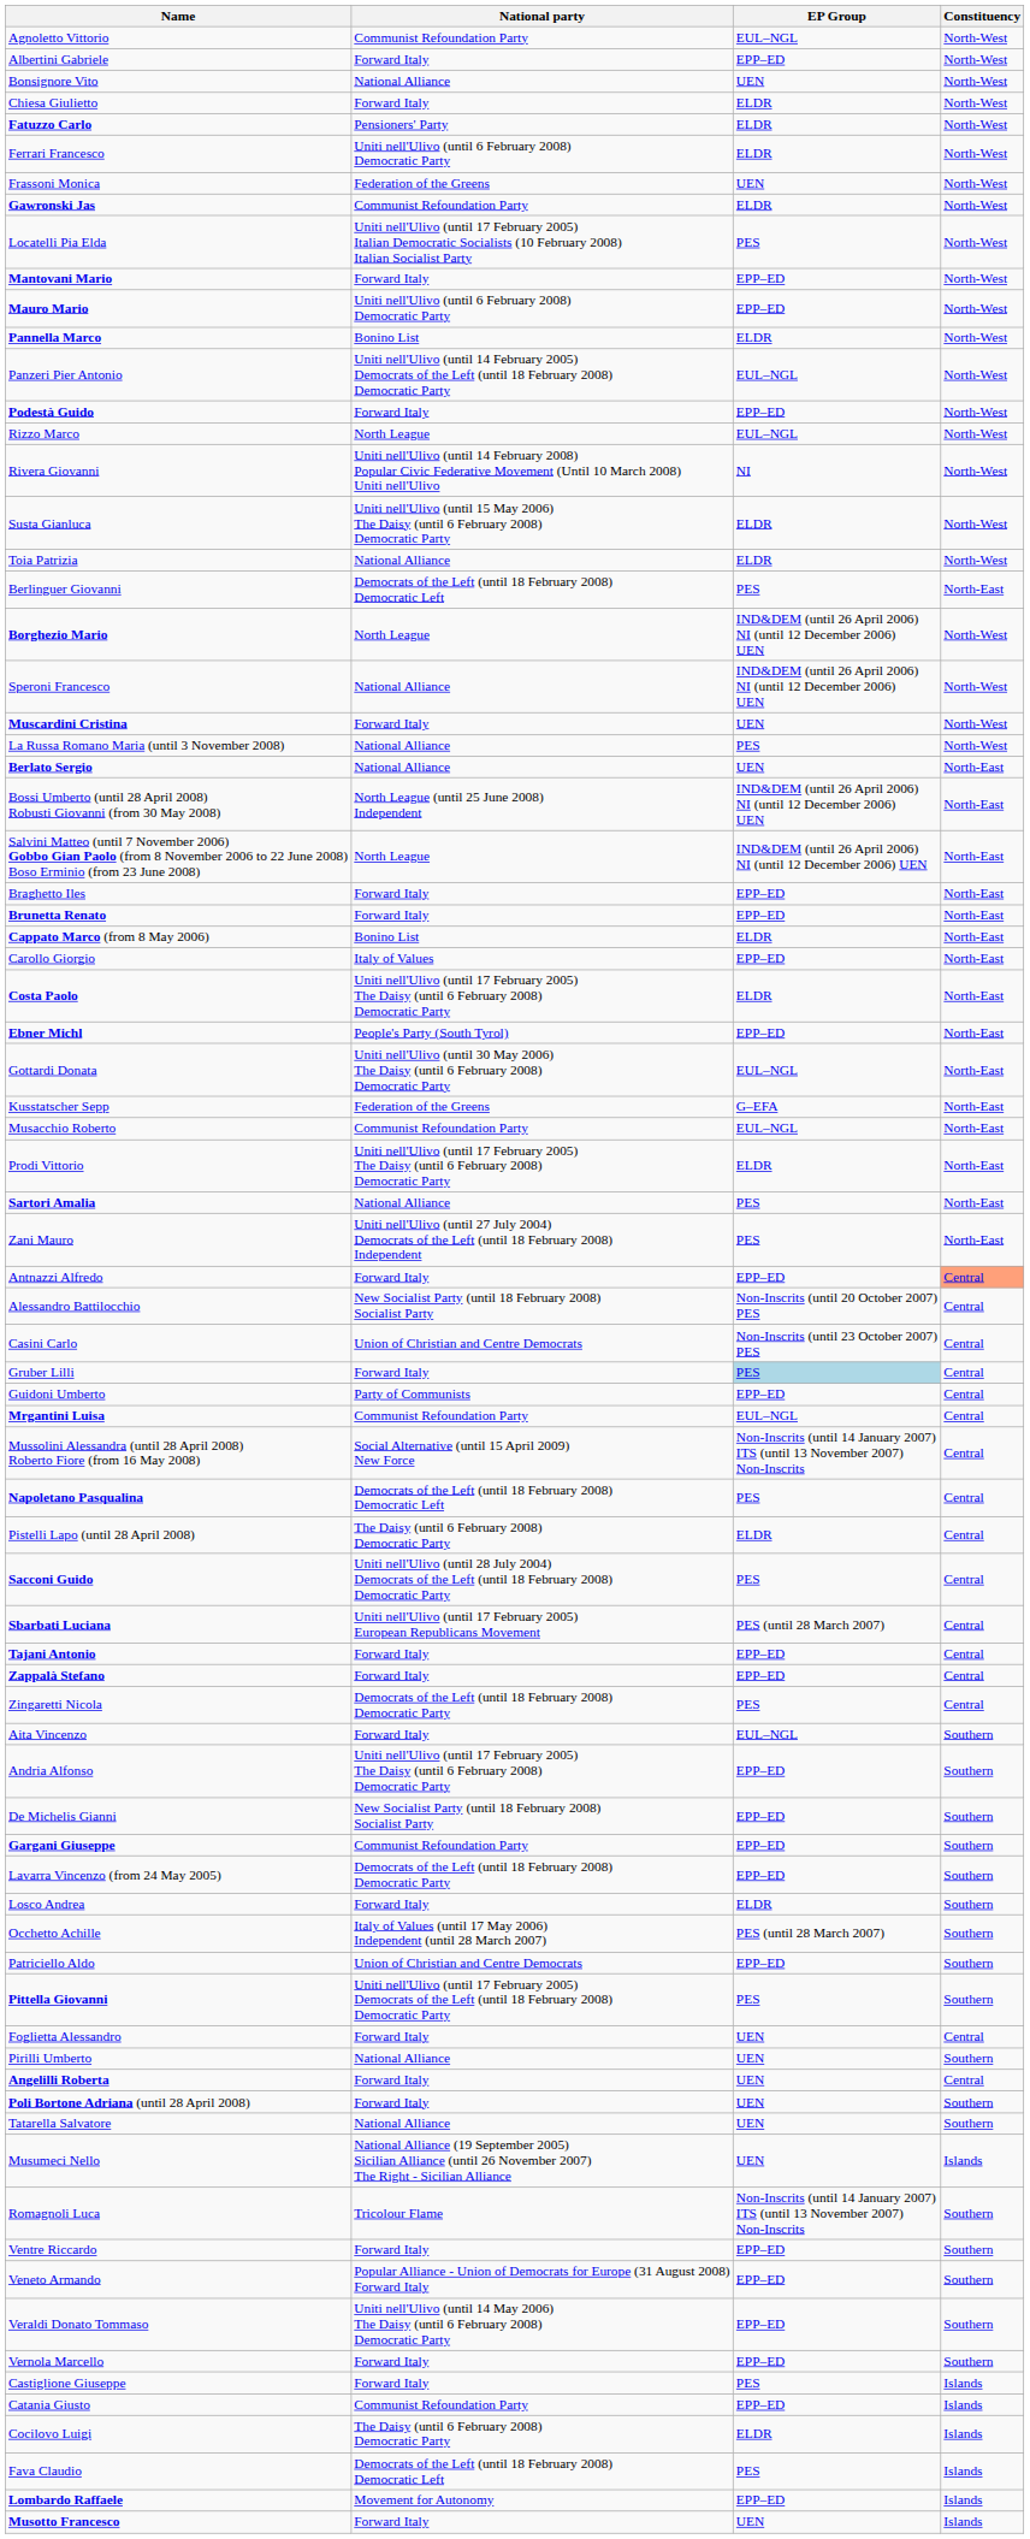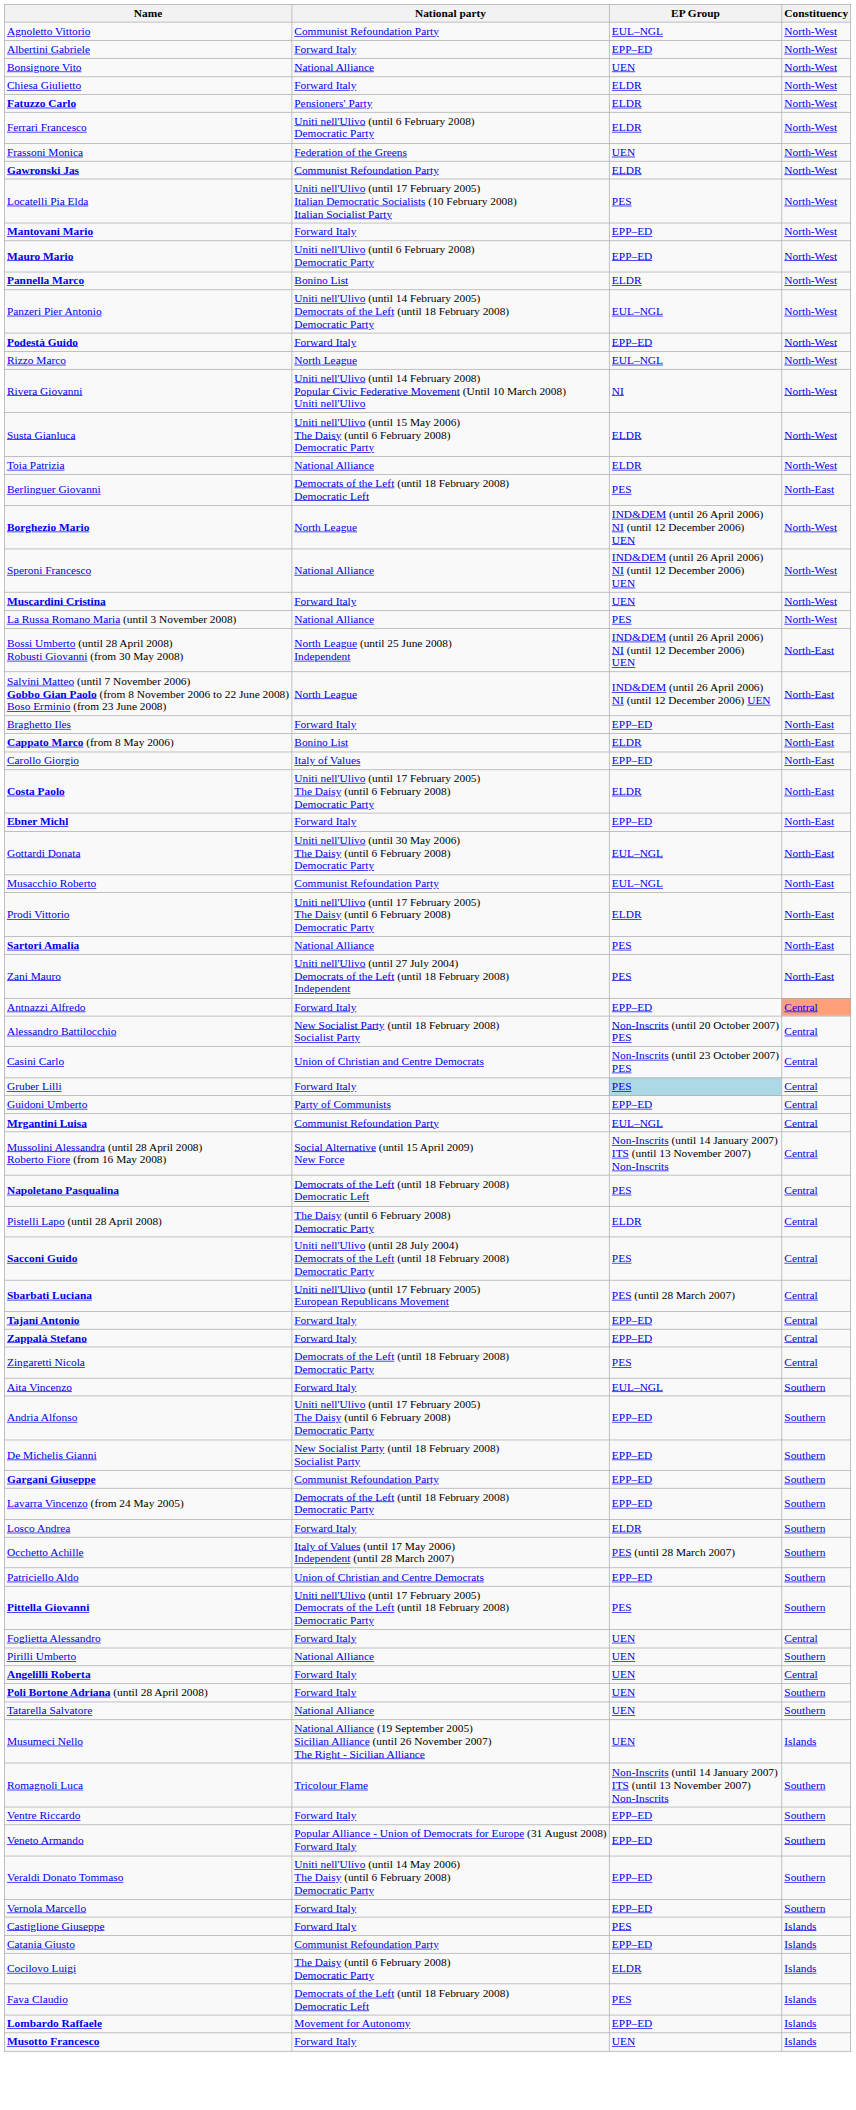 <table class="sortable wikitable">
 <tr>
 <th>Name</th>
 <th>National party</th>
 <th>EP Group</th>
 <th>Constituency</th>
 </tr>
 <tr>
 <td><a href='#'>Agnoletto Vittorio</a></td>
 <td> <a href='#'>Communist Refoundation Party</a></td>
 <td> <a href='#'>EUL–NGL</a></td>
 <td><a href='#'>North-West</a></td>
 </tr>
 <tr>
 <td><a href='#'>Albertini Gabriele</a></td>
 <td> <a href='#'>Forward Italy</a></td>
 <td> <a href='#'>EPP–ED</a></td>
 <td><a href='#'>North-West</a></td>
 </tr>
 <tr>
 <td><a href='#'>Bonsignore Vito</a></td>
 <td> <a href='#'>National Alliance</a></td>
 <td> <a href='#'>UEN</a></td>
 <td><a href='#'>North-West</a></td>
 </tr>
 <tr>
 <td><a href='#'>Chiesa Giulietto</a></td>
 <td> <a href='#'>Forward Italy</a></td>
 <td> <a href='#'>ELDR</a></td>
 <td><a href='#'>North-West</a></td>
 </tr>
 <tr>
 <td><strong><a href='#'>Fatuzzo Carlo</a></strong></td>
 <td> <a href='#'>Pensioners' Party</a></td>
 <td> <a href='#'>ELDR</a></td>
 <td><a href='#'>North-West</a></td>
 </tr>
 <tr>
 <td><a href='#'>Ferrari Francesco</a></td>
 <td> <a href='#'>Uniti nell'Ulivo</a> (until 6 February 2008)<br> <a href='#'>Democratic Party</a></td>
 <td> <a href='#'>ELDR</a></td>
 <td><a href='#'>North-West</a></td>
 </tr>
 <tr>
 <td><a href='#'>Frassoni Monica</a></td>
 <td> <a href='#'>Federation of the Greens</a></td>
 <td> <a href='#'>UEN</a></td>
 <td><a href='#'>North-West</a></td>
 </tr>
 <tr>
 <td><strong><a href='#'>Gawronski Jas</a></strong></td>
 <td> <a href='#'>Communist Refoundation Party</a></td>
 <td> <a href='#'>ELDR</a></td>
 <td><a href='#'>North-West</a></td>
 </tr>
 <tr>
 <td><a href='#'>Locatelli Pia Elda</a></td>
 <td> <a href='#'>Uniti nell'Ulivo</a> (until 17 February 2005)<br> <a href='#'>Italian Democratic Socialists</a> (10 February 2008)<br> <a href='#'>Italian Socialist Party</a></td>
 <td> <a href='#'>PES</a></td>
 <td><a href='#'>North-West</a></td>
 </tr>
 <tr>
 <td><strong><a href='#'>Mantovani Mario</a></strong></td>
 <td> <a href='#'>Forward Italy</a></td>
 <td> <a href='#'>EPP–ED</a></td>
 <td><a href='#'>North-West</a></td>
 </tr>
 <tr>
 <td><strong><a href='#'>Mauro Mario</a></strong></td>
 <td> <a href='#'>Uniti nell'Ulivo</a> (until 6 February 2008)<br> <a href='#'>Democratic Party</a></td>
 <td> <a href='#'>EPP–ED</a></td>
 <td><a href='#'>North-West</a></td>
 </tr>
 <tr>
 <td><strong><a href='#'>Pannella Marco</a></strong></td>
 <td> <a href='#'>Bonino List</a></td>
 <td> <a href='#'>ELDR</a></td>
 <td><a href='#'>North-West</a></td>
 </tr>
 <tr>
 <td><a href='#'>Panzeri Pier Antonio</a></td>
 <td> <a href='#'>Uniti nell'Ulivo</a> (until 14 February 2005)<br> <a href='#'>Democrats of the Left</a> (until 18 February 2008)<br> <a href='#'>Democratic Party</a></td>
 <td> <a href='#'>EUL–NGL</a></td>
 <td><a href='#'>North-West</a></td>
 </tr>
 <tr>
 <td><strong><a href='#'>Podestà Guido</a></strong></td>
 <td> <a href='#'>Forward Italy</a></td>
 <td> <a href='#'>EPP–ED</a></td>
 <td><a href='#'>North-West</a></td>
 </tr>
 <tr>
 <td><a href='#'>Rizzo Marco</a></td>
 <td> <a href='#'>North League</a></td>
 <td> <a href='#'>EUL–NGL</a></td>
 <td><a href='#'>North-West</a></td>
 </tr>
 <tr>
 <td><a href='#'>Rivera Giovanni</a></td>
 <td> <a href='#'>Uniti nell'Ulivo</a> (until 14 February 2008)<br>  <a href='#'>Popular Civic Federative Movement</a> (Until 10 March 2008)<br> <a href='#'>Uniti nell'Ulivo</a></td>
 <td> <a href='#'>NI</a></td>
 <td><a href='#'>North-West</a></td>
 </tr>
 <tr>
 <td><a href='#'>Susta Gianluca</a></td>
 <td> <a href='#'>Uniti nell'Ulivo</a> (until 15 May 2006)<br> <a href='#'>The Daisy</a> (until 6 February 2008)<br> <a href='#'>Democratic Party</a></td>
 <td> <a href='#'>ELDR</a></td>
 <td><a href='#'>North-West</a></td>
 </tr>
 <tr>
 <td><a href='#'>Toia Patrizia</a></td>
 <td> <a href='#'>National Alliance</a></td>
 <td> <a href='#'>ELDR</a></td>
 <td><a href='#'>North-West</a></td>
 </tr>
 <tr>
 <td><a href='#'>Berlinguer Giovanni</a></td>
 <td> <a href='#'>Democrats of the Left</a> (until 18 February 2008)<br> <a href='#'>Democratic Left</a></td>
 <td> <a href='#'>PES</a></td>
 <td><a href='#'>North-East</a></td>
 </tr>
 <tr>
 <td><strong><a href='#'>Borghezio Mario</a></strong></td>
 <td> <a href='#'>North League</a></td>
 <td> <a href='#'>IND&DEM</a> (until 26 April 2006)<br> <a href='#'>NI</a> (until 12 December 2006)<br> <a href='#'>UEN</a></td>
 <td><a href='#'>North-West</a></td>
 </tr>
 <tr>
 <td><a href='#'>Speroni Francesco</a></td>
 <td> <a href='#'>National Alliance</a></td>
 <td> <a href='#'>IND&DEM</a> (until 26 April 2006)<br> <a href='#'>NI</a> (until 12 December 2006)<br> <a href='#'>UEN</a></td>
 <td><a href='#'>North-West</a></td>
 </tr>
 <tr>
 <td><strong><a href='#'>Muscardini Cristina</a></strong></td>
 <td> <a href='#'>Forward Italy</a></td>
 <td> <a href='#'>UEN</a></td>
 <td><a href='#'>North-West</a></td>
 </tr>
 <tr>
 <td><a href='#'>La Russa Romano Maria</a> (until 3 November 2008)</td>
 <td> <a href='#'>National Alliance</a></td>
 <td> <a href='#'>PES</a></td>
 <td><a href='#'>North-West</a></td>
 </tr>
 <tr>
-<td><strong><a href='#'>Berlato Sergio</a></strong></td>
-<td> <a href='#'>National Alliance</a></td>
-<td> <a href='#'>UEN</a></td>
-<td><a href='#'>North-East</a></td>
-</tr>
-<tr>
 <td><a href='#'>Bossi Umberto</a> (until 28 April 2008)<br><a href='#'>Robusti Giovanni</a> (from 30 May 2008)</td>
 <td> <a href='#'>North League</a> (until 25 June 2008)<br> <a href='#'>Independent</a></td>
 <td> <a href='#'>IND&DEM</a> (until 26 April 2006)<br> <a href='#'>NI</a> (until 12 December 2006)<br> <a href='#'>UEN</a></td>
 <td><a href='#'>North-East</a></td>
 </tr>
 <tr>
 <td><a href='#'>Salvini Matteo</a> (until 7 November 2006)<br><strong><a href='#'>Gobbo Gian Paolo</a></strong> (from 8 November 2006 to 22 June 2008)<br><a href='#'>Boso Erminio</a> (from 23 June 2008)</td>
 <td> <a href='#'>North League</a></td>
 <td> <a href='#'>IND&DEM</a> (until 26 April 2006)<br> <a href='#'>NI</a> (until 12 December 2006)  <a href='#'>UEN</a></td>
 <td><a href='#'>North-East</a></td>
 </tr>
 <tr>
 <td><a href='#'>Braghetto Iles</a></td>
-<td> <a href='#'>Forward Italy</a></td>
-<td> <a href='#'>EPP–ED</a></td>
-<td><a href='#'>North-East</a></td>
-</tr>
-<tr>
-<td><strong><a href='#'>Brunetta Renato</a></strong></td>
 <td> <a href='#'>Forward Italy</a></td>
 <td> <a href='#'>EPP–ED</a></td>
 <td><a href='#'>North-East</a></td>
 </tr>
 <tr>
 <td><strong><a href='#'>Cappato Marco</a></strong> (from 8 May 2006)</td>
 <td> <a href='#'>Bonino List</a></td>
 <td> <a href='#'>ELDR</a></td>
 <td><a href='#'>North-East</a></td>
 </tr>
 <tr>
 <td><a href='#'>Carollo Giorgio</a></td>
 <td> <a href='#'>Italy of Values</a></td>
 <td> <a href='#'>EPP–ED</a></td>
 <td><a href='#'>North-East</a></td>
 </tr>
 <tr>
 <td><strong><a href='#'>Costa Paolo</a></strong></td>
 <td> <a href='#'>Uniti nell'Ulivo</a> (until 17 February 2005)<br> <a href='#'>The Daisy</a> (until 6 February 2008)<br> <a href='#'>Democratic Party</a></td>
 <td> <a href='#'>ELDR</a></td>
 <td><a href='#'>North-East</a></td>
 </tr>
 <tr>
 <td><strong><a href='#'>Ebner Michl</a></strong></td>
-<td> <a href='#'>People's Party (South Tyrol)</a></td>
+<td> <a href='#'>Forward Italy</a></td>
 <td> <a href='#'>EPP–ED</a></td>
 <td><a href='#'>North-East</a></td>
 </tr>
 <tr>
 <td><a href='#'>Gottardi Donata</a></td>
 <td> <a href='#'>Uniti nell'Ulivo</a> (until 30 May 2006)<br> <a href='#'>The Daisy</a> (until 6 February 2008)<br> <a href='#'>Democratic Party</a></td>
 <td> <a href='#'>EUL–NGL</a></td>
-<td><a href='#'>North-East</a></td>
-</tr>
-<tr>
-<td><a href='#'>Kusstatscher Sepp</a></td>
-<td> <a href='#'>Federation of the Greens</a></td>
-<td> <a href='#'>G–EFA</a></td>
 <td><a href='#'>North-East</a></td>
 </tr>
 <tr>
 <td><a href='#'>Musacchio Roberto</a></td>
 <td> <a href='#'>Communist Refoundation Party</a></td>
 <td> <a href='#'>EUL–NGL</a></td>
 <td><a href='#'>North-East</a></td>
 </tr>
 <tr>
 <td><a href='#'>Prodi Vittorio</a></td>
 <td> <a href='#'>Uniti nell'Ulivo</a> (until 17 February 2005)<br> <a href='#'>The Daisy</a> (until 6 February 2008)<br> <a href='#'>Democratic Party</a></td>
 <td> <a href='#'>ELDR</a></td>
 <td><a href='#'>North-East</a></td>
 </tr>
 <tr>
 <td><strong><a href='#'>Sartori Amalia</a></strong></td>
 <td> <a href='#'>National Alliance</a></td>
 <td> <a href='#'>PES</a></td>
 <td><a href='#'>North-East</a></td>
 </tr>
 <tr>
 <td><a href='#'>Zani Mauro</a></td>
 <td> <a href='#'>Uniti nell'Ulivo</a> (until 27 July 2004)<br> <a href='#'>Democrats of the Left</a> (until 18 February 2008)<br> <a href='#'>Independent</a></td>
 <td> <a href='#'>PES</a></td>
 <td><a href='#'>North-East</a></td>
 </tr>
 <tr>
 <td><a href='#'>Antnazzi Alfredo</a></td>
 <td> <a href='#'>Forward Italy</a></td>
 <td> <a href='#'>EPP–ED</a></td>
 <td style="background: lightsalmon;"><a href='#'>Central</a></td>
 </tr>
 <tr>
 <td><a href='#'>Alessandro Battilocchio</a></td>
 <td> <a href='#'>New Socialist Party</a> (until 18 February 2008)<br> <a href='#'>Socialist Party</a></td>
 <td> <a href='#'>Non-Inscrits</a> (until 20 October 2007)<br> <a href='#'>PES</a></td>
 <td><a href='#'>Central</a></td>
 </tr>
 <tr>
 <td><a href='#'>Casini Carlo</a></td>
 <td> <a href='#'>Union of Christian and Centre Democrats</a></td>
 <td> <a href='#'>Non-Inscrits</a> (until 23 October 2007)<br> <a href='#'>PES</a></td>
 <td><a href='#'>Central</a></td>
 </tr>
 <tr>
 <td><a href='#'>Gruber Lilli</a></td>
 <td> <a href='#'>Forward Italy</a></td>
 <td style="background: lightblue;"> <a href='#'>PES</a></td>
 <td><a href='#'>Central</a></td>
 </tr>
 <tr>
 <td><a href='#'>Guidoni Umberto</a></td>
 <td> <a href='#'>Party of Communists</a></td>
 <td> <a href='#'>EPP–ED</a></td>
 <td><a href='#'>Central</a></td>
 </tr>
 <tr>
 <td><strong><a href='#'>Mrgantini Luisa</a></strong></td>
 <td> <a href='#'>Communist Refoundation Party</a></td>
 <td> <a href='#'>EUL–NGL</a></td>
 <td><a href='#'>Central</a></td>
 </tr>
 <tr>
 <td><a href='#'>Mussolini Alessandra</a> (until 28 April 2008)<br><a href='#'>Roberto Fiore</a> (from 16 May 2008)</td>
 <td> <a href='#'>Social Alternative</a> (until 15 April 2009)<br> <a href='#'>New Force</a></td>
 <td> <a href='#'>Non-Inscrits</a> (until 14 January 2007)<br> <a href='#'>ITS</a> (until 13 November 2007)<br> <a href='#'>Non-Inscrits</a></td>
 <td><a href='#'>Central</a></td>
 </tr>
 <tr>
 <td><strong><a href='#'>Napoletano Pasqualina</a></strong></td>
 <td> <a href='#'>Democrats of the Left</a> (until 18 February 2008)<br> <a href='#'>Democratic Left</a></td>
 <td> <a href='#'>PES</a></td>
 <td><a href='#'>Central</a></td>
 </tr>
 <tr>
 <td><a href='#'>Pistelli Lapo</a> (until 28 April 2008)</td>
 <td> <a href='#'>The Daisy</a> (until 6 February 2008)<br> <a href='#'>Democratic Party</a></td>
 <td> <a href='#'>ELDR</a></td>
 <td><a href='#'>Central</a></td>
 </tr>
 <tr>
 <td><strong><a href='#'>Sacconi Guido</a></strong></td>
 <td> <a href='#'>Uniti nell'Ulivo</a> (until 28 July 2004)<br> <a href='#'>Democrats of the Left</a> (until 18 February 2008)<br> <a href='#'>Democratic Party</a></td>
 <td> <a href='#'>PES</a></td>
 <td><a href='#'>Central</a></td>
 </tr>
 <tr>
 <td><strong><a href='#'>Sbarbati Luciana</a></strong></td>
 <td> <a href='#'>Uniti nell'Ulivo</a> (until 17 February 2005)<br> <a href='#'>European Republicans Movement</a></td>
 <td> <a href='#'>PES</a> (until 28 March 2007)</td>
 <td><a href='#'>Central</a></td>
 </tr>
 <tr>
 <td><strong><a href='#'>Tajani Antonio</a></strong></td>
 <td> <a href='#'>Forward Italy</a></td>
 <td> <a href='#'>EPP–ED</a></td>
 <td><a href='#'>Central</a></td>
 </tr>
 <tr>
 <td><strong><a href='#'>Zappalà Stefano</a></strong></td>
 <td> <a href='#'>Forward Italy</a></td>
 <td> <a href='#'>EPP–ED</a></td>
 <td><a href='#'>Central</a></td>
 </tr>
 <tr>
 <td><a href='#'>Zingaretti Nicola</a></td>
 <td> <a href='#'>Democrats of the Left</a> (until 18 February 2008)<br> <a href='#'>Democratic Party</a></td>
 <td> <a href='#'>PES</a></td>
 <td><a href='#'>Central</a></td>
 </tr>
 <tr>
 <td><a href='#'>Aita Vincenzo</a></td>
 <td> <a href='#'>Forward Italy</a></td>
 <td> <a href='#'>EUL–NGL</a></td>
 <td><a href='#'>Southern</a></td>
 </tr>
 <tr>
 <td><a href='#'>Andria Alfonso</a></td>
 <td> <a href='#'>Uniti nell'Ulivo</a> (until 17 February 2005)<br> <a href='#'>The Daisy</a> (until 6 February 2008)<br> <a href='#'>Democratic Party</a></td>
 <td> <a href='#'>EPP–ED</a></td>
 <td><a href='#'>Southern</a></td>
 </tr>
 <tr>
 <td><a href='#'>De Michelis Gianni</a></td>
 <td> <a href='#'>New Socialist Party</a> (until 18 February 2008)<br> <a href='#'>Socialist Party</a></td>
 <td> <a href='#'>EPP–ED</a></td>
 <td><a href='#'>Southern</a></td>
 </tr>
 <tr>
 <td><strong><a href='#'>Gargani Giuseppe</a></strong></td>
 <td> <a href='#'>Communist Refoundation Party</a></td>
 <td> <a href='#'>EPP–ED</a></td>
 <td><a href='#'>Southern</a></td>
 </tr>
 <tr>
 <td><a href='#'>Lavarra Vincenzo</a> (from 24 May 2005)</td>
 <td> <a href='#'>Democrats of the Left</a> (until 18 February 2008)<br> <a href='#'>Democratic Party</a></td>
 <td> <a href='#'>EPP–ED</a></td>
 <td><a href='#'>Southern</a></td>
 </tr>
 <tr>
 <td><a href='#'>Losco Andrea</a></td>
 <td> <a href='#'>Forward Italy</a></td>
 <td> <a href='#'>ELDR</a></td>
 <td><a href='#'>Southern</a></td>
 </tr>
 <tr>
 <td><a href='#'>Occhetto Achille</a></td>
 <td> <a href='#'>Italy of Values</a> (until 17 May 2006)<br> <a href='#'>Independent</a> (until 28 March 2007)</td>
 <td> <a href='#'>PES</a> (until 28 March 2007)</td>
 <td><a href='#'>Southern</a></td>
 </tr>
 <tr>
 <td><a href='#'>Patriciello Aldo</a></td>
 <td> <a href='#'>Union of Christian and Centre Democrats</a></td>
 <td> <a href='#'>EPP–ED</a></td>
 <td><a href='#'>Southern</a></td>
 </tr>
 <tr>
 <td><strong><a href='#'>Pittella Giovanni</a></strong></td>
 <td> <a href='#'>Uniti nell'Ulivo</a> (until 17 February 2005)<br> <a href='#'>Democrats of the Left</a> (until 18 February 2008)<br> <a href='#'>Democratic Party</a></td>
 <td> <a href='#'>PES</a></td>
 <td><a href='#'>Southern</a></td>
 </tr>
 <tr>
 <td><a href='#'>Foglietta Alessandro</a></td>
 <td> <a href='#'>Forward Italy</a></td>
 <td> <a href='#'>UEN</a></td>
 <td><a href='#'>Central</a></td>
 </tr>
 <tr>
 <td><a href='#'>Pirilli Umberto</a></td>
 <td> <a href='#'>National Alliance</a></td>
 <td> <a href='#'>UEN</a></td>
 <td><a href='#'>Southern</a></td>
 </tr>
 <tr>
 <td><strong><a href='#'>Angelilli Roberta</a></strong></td>
 <td> <a href='#'>Forward Italy</a></td>
 <td> <a href='#'>UEN</a></td>
 <td><a href='#'>Central</a></td>
 </tr>
 <tr>
 <td><strong><a href='#'>Poli Bortone Adriana</a></strong> (until 28 April 2008)</td>
 <td> <a href='#'>Forward Italy</a></td>
 <td> <a href='#'>UEN</a></td>
 <td><a href='#'>Southern</a></td>
 </tr>
 <tr>
 <td><a href='#'>Tatarella Salvatore</a></td>
 <td> <a href='#'>National Alliance</a></td>
 <td> <a href='#'>UEN</a></td>
 <td><a href='#'>Southern</a></td>
 </tr>
 <tr>
 <td><a href='#'>Musumeci Nello</a></td>
 <td> <a href='#'>National Alliance</a> (19 September 2005)<br> <a href='#'>Sicilian Alliance</a> (until 26 November 2007)<br> <a href='#'>The Right - Sicilian Alliance</a></td>
 <td> <a href='#'>UEN</a></td>
 <td><a href='#'>Islands</a></td>
 </tr>
 <tr>
 <td><a href='#'>Romagnoli Luca</a></td>
 <td> <a href='#'>Tricolour Flame</a></td>
 <td> <a href='#'>Non-Inscrits</a> (until 14 January 2007)<br> <a href='#'>ITS</a> (until 13 November 2007)<br> <a href='#'>Non-Inscrits</a></td>
 <td><a href='#'>Southern</a></td>
 </tr>
 <tr>
 <td><a href='#'>Ventre Riccardo</a></td>
 <td> <a href='#'>Forward Italy</a></td>
 <td> <a href='#'>EPP–ED</a></td>
 <td><a href='#'>Southern</a></td>
 </tr>
 <tr>
 <td><a href='#'>Veneto Armando</a></td>
 <td> <a href='#'>Popular Alliance - Union of Democrats for Europe</a> (31 August 2008)<br> <a href='#'>Forward Italy</a></td>
 <td> <a href='#'>EPP–ED</a></td>
 <td><a href='#'>Southern</a></td>
 </tr>
 <tr>
 <td><a href='#'>Veraldi Donato Tommaso</a></td>
 <td> <a href='#'>Uniti nell'Ulivo</a> (until 14 May 2006)<br> <a href='#'>The Daisy</a> (until 6 February 2008)<br> <a href='#'>Democratic Party</a></td>
 <td> <a href='#'>EPP–ED</a></td>
 <td><a href='#'>Southern</a></td>
 </tr>
 <tr>
 <td><a href='#'>Vernola Marcello</a></td>
 <td> <a href='#'>Forward Italy</a></td>
 <td> <a href='#'>EPP–ED</a></td>
 <td><a href='#'>Southern</a></td>
 </tr>
 <tr>
 <td><a href='#'>Castiglione Giuseppe</a></td>
 <td> <a href='#'>Forward Italy</a></td>
 <td> <a href='#'>PES</a></td>
 <td><a href='#'>Islands</a></td>
 </tr>
 <tr>
 <td><a href='#'>Catania Giusto</a></td>
 <td> <a href='#'>Communist Refoundation Party</a></td>
 <td> <a href='#'>EPP–ED</a></td>
 <td><a href='#'>Islands</a></td>
 </tr>
 <tr>
 <td><a href='#'>Cocilovo Luigi</a></td>
 <td> <a href='#'>The Daisy</a> (until 6 February 2008)<br> <a href='#'>Democratic Party</a></td>
 <td> <a href='#'>ELDR</a></td>
 <td><a href='#'>Islands</a></td>
 </tr>
 <tr>
 <td><a href='#'>Fava Claudio</a></td>
 <td> <a href='#'>Democrats of the Left</a> (until 18 February 2008)<br> <a href='#'>Democratic Left</a></td>
 <td> <a href='#'>PES</a></td>
 <td><a href='#'>Islands</a></td>
 </tr>
 <tr>
 <td><strong><a href='#'>Lombardo Raffaele</a></strong></td>
 <td> <a href='#'>Movement for Autonomy</a></td>
 <td> <a href='#'>EPP–ED</a></td>
 <td><a href='#'>Islands</a></td>
 </tr>
 <tr>
 <td><strong><a href='#'>Musotto Francesco</a></strong></td>
 <td> <a href='#'>Forward Italy</a></td>
 <td> <a href='#'>UEN</a></td>
 <td><a href='#'>Islands</a></td>
 </tr>
 </table>
